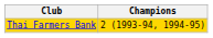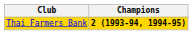 <table class="wikitable sortable" style="font-size: 95%;">
 <tr>
 <th>Club</th>
 <th>Champions</th>
 </tr>
 <tr ! style="background:gold;">
 <td><a href='#'>Thai Farmers Bank</a></td>
-<td>2 (1993-94, 1994-95)</td>
+<td><strong>2 (1993-94, 1994-95)</strong></td>
 </tr>
 </table>
